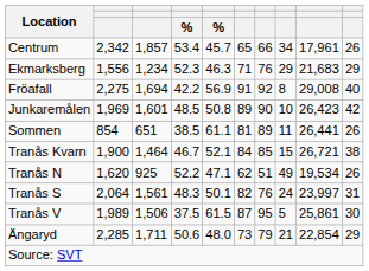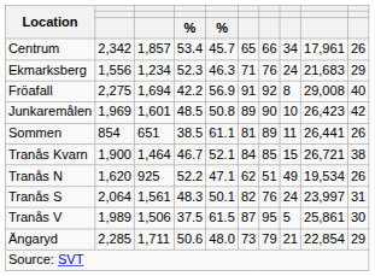 <table role="presentation" class="wikitable sortable mw-collapsible">
 <tr>
 <th rowspan="3">Location</th>
 <th></th>
 <th></th>
 <th></th>
 <th></th>
 <th></th>
 <th></th>
 <th></th>
 <th></th>
 <th></th>
 </tr>
 <tr>
 <th></th>
 <th></th>
 <th style="background:"></th>
 <th style="background:"></th>
 <th></th>
 <th></th>
 <th></th>
 <th></th>
 <th></th>
 </tr>
 <tr>
 <th data-sort-type="number"></th>
 <th data-sort-type="number"></th>
 <th data-sort-type="number">%</th>
 <th data-sort-type="number">%</th>
 <th data-sort-type="number"></th>
 <th data-sort-type="number"></th>
 <th data-sort-type="number"></th>
 <th data-sort-type="number"></th>
 <th data-sort-type="number"></th>
 </tr>
 <tr>
 <td align="left">Centrum</td>
 <td>2,342</td>
 <td>1,857</td>
 <td>53.4</td>
 <td>45.7</td>
 <td>65</td>
 <td>66</td>
 <td>34</td>
 <td>17,961</td>
 <td>26</td>
 </tr>
 <tr>
 <td align="left">Ekmarksberg</td>
 <td>1,556</td>
 <td>1,234</td>
 <td>52.3</td>
 <td>46.3</td>
 <td>71</td>
 <td>76</td>
-<td>29</td>
+<td>24</td>
 <td>21,683</td>
 <td>29</td>
 </tr>
 <tr>
 <td align="left">Fröafall</td>
 <td>2,275</td>
 <td>1,694</td>
 <td>42.2</td>
 <td>56.9</td>
 <td>91</td>
 <td>92</td>
 <td>8</td>
 <td>29,008</td>
 <td>40</td>
 </tr>
 <tr>
 <td align="left">Junkaremålen</td>
 <td>1,969</td>
 <td>1,601</td>
 <td>48.5</td>
 <td>50.8</td>
 <td>89</td>
 <td>90</td>
 <td>10</td>
 <td>26,423</td>
 <td>42</td>
 </tr>
 <tr>
 <td align="left">Sommen</td>
 <td>854</td>
 <td>651</td>
 <td>38.5</td>
 <td>61.1</td>
 <td>81</td>
 <td>89</td>
 <td>11</td>
 <td>26,441</td>
 <td>26</td>
 </tr>
 <tr>
 <td align="left">Tranås Kvarn</td>
 <td>1,900</td>
 <td>1,464</td>
 <td>46.7</td>
 <td>52.1</td>
 <td>84</td>
 <td>85</td>
 <td>15</td>
 <td>26,721</td>
 <td>38</td>
 </tr>
 <tr>
 <td align="left">Tranås N</td>
 <td>1,620</td>
 <td>925</td>
 <td>52.2</td>
 <td>47.1</td>
 <td>62</td>
 <td>51</td>
 <td>49</td>
 <td>19,534</td>
 <td>26</td>
 </tr>
 <tr>
 <td align="left">Tranås S</td>
 <td>2,064</td>
 <td>1,561</td>
 <td>48.3</td>
 <td>50.1</td>
 <td>82</td>
 <td>76</td>
 <td>24</td>
 <td>23,997</td>
 <td>31</td>
 </tr>
 <tr>
 <td align="left">Tranås V</td>
 <td>1,989</td>
 <td>1,506</td>
 <td>37.5</td>
 <td>61.5</td>
 <td>87</td>
 <td>95</td>
 <td>5</td>
 <td>25,861</td>
 <td>30</td>
 </tr>
 <tr>
 <td align="left">Ängaryd</td>
 <td>2,285</td>
 <td>1,711</td>
 <td>50.6</td>
 <td>48.0</td>
 <td>73</td>
 <td>79</td>
 <td>21</td>
 <td>22,854</td>
 <td>29</td>
 </tr>
 <tr>
 <td colspan="10" align="left">Source: <a href='#'>SVT</a></td>
 </tr>
 </table>
